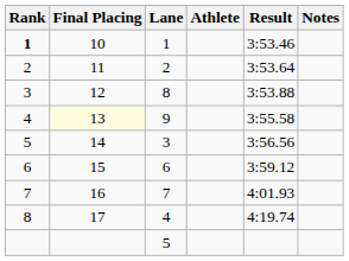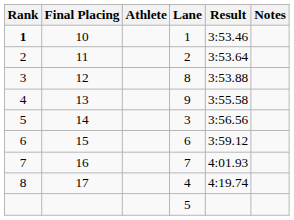 <table class="wikitable sortable" style="text-align:center">
 <tr>
 <th>Rank</th>
 <th>Final Placing</th>
+<th>Athlete</th>
 <th>Lane</th>
-<th>Athlete</th>
 <th>Result</th>
 <th>Notes</th>
 </tr>
 <tr>
 <td><strong>1</strong></td>
 <td>10</td>
+<td align=left></td>
 <td>1</td>
-<td align=left></td>
 <td>3:53.46</td>
 <td></td>
 </tr>
 <tr>
 <td>2</td>
 <td>11</td>
+<td align=left></td>
 <td>2</td>
-<td align=left></td>
 <td>3:53.64</td>
 <td></td>
 </tr>
 <tr>
 <td>3</td>
 <td>12</td>
+<td align=left></td>
 <td>8</td>
-<td align=left></td>
 <td>3:53.88</td>
 <td></td>
 </tr>
 <tr>
 <td>4</td>
-<td style="background: lightyellow;">13</td>
+<td>13</td>
+<td align=left></td>
 <td>9</td>
-<td align=left></td>
 <td>3:55.58</td>
 <td></td>
 </tr>
 <tr>
 <td>5</td>
 <td>14</td>
+<td align=left></td>
 <td>3</td>
-<td align=left></td>
 <td>3:56.56</td>
 <td></td>
 </tr>
 <tr>
 <td>6</td>
 <td>15</td>
+<td align=left></td>
 <td>6</td>
-<td align=left></td>
 <td>3:59.12</td>
 <td></td>
 </tr>
 <tr>
 <td>7</td>
 <td>16</td>
+<td align=left></td>
 <td>7</td>
-<td align=left></td>
 <td>4:01.93</td>
 <td></td>
 </tr>
 <tr>
 <td>8</td>
 <td>17</td>
+<td align=left></td>
 <td>4</td>
-<td align=left></td>
 <td>4:19.74</td>
 <td></td>
 </tr>
 <tr>
 <td></td>
 <td></td>
+<td align=left></td>
 <td>5</td>
-<td align=left></td>
 <td></td>
 <td></td>
 </tr>
 </table>
